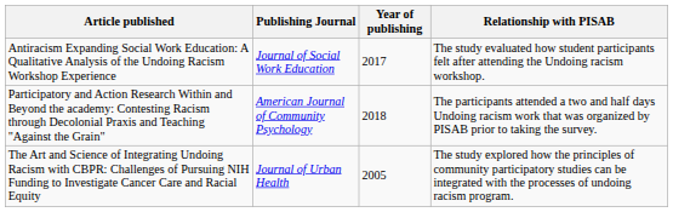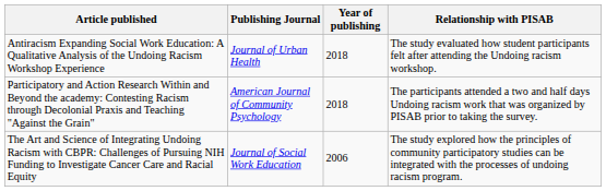 <table class="wikitable">
 <tr>
 <th>Article published</th>
 <th>Publishing Journal</th>
 <th>Year of publishing</th>
 <th>Relationship with PISAB</th>
 </tr>
 <tr>
 <td>Antiracism Expanding Social Work Education: A Qualitative Analysis of the Undoing Racism Workshop Experience</td>
-<td><em><a href='#'>Journal of Social Work Education</a></em></td>
-<td>2017</td>
+<td><em><a href='#'>Journal of Urban Health</a></em></td>
+<td>2018</td>
 <td>The study evaluated how student participants felt after attending the Undoing racism workshop.</td>
 </tr>
 <tr>
 <td>Participatory and Action Research Within and Beyond the academy: Contesting Racism through Decolonial Praxis and Teaching "Against the Grain"</td>
 <td><em><a href='#'>American Journal of Community Psychology</a></em></td>
 <td>2018</td>
 <td>The participants attended a two and half days Undoing racism work that was organized by PISAB prior to taking the survey.</td>
 </tr>
 <tr>
 <td>The Art and Science of Integrating Undoing Racism with CBPR: Challenges of Pursuing NIH Funding to Investigate Cancer Care and Racial Equity</td>
-<td><em><a href='#'>Journal of Urban Health</a></em></td>
-<td>2005</td>
+<td><em><a href='#'>Journal of Social Work Education</a></em></td>
+<td>2006</td>
 <td>The study explored how the principles of community participatory studies can be integrated with the processes of undoing racism program.</td>
 </tr>
 </table>
